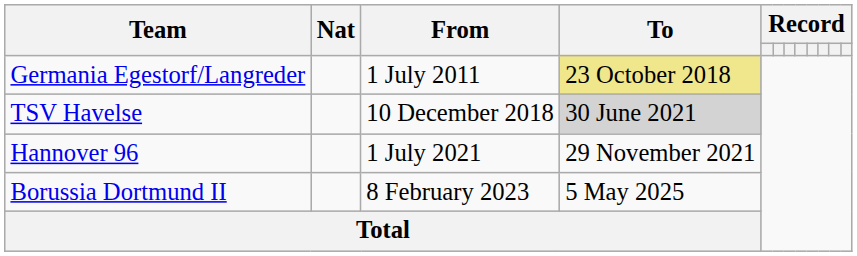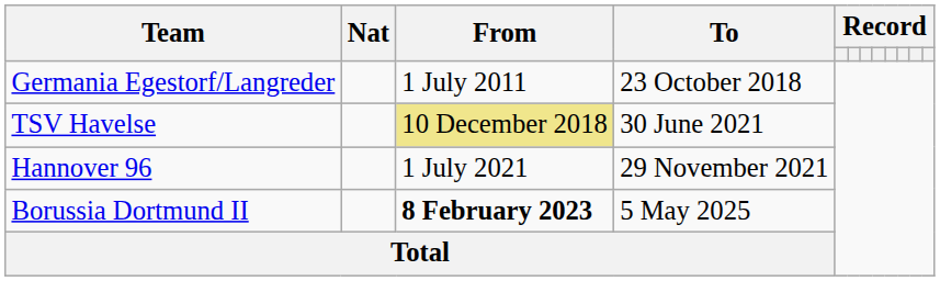 <table class=wikitable style="text-align: center">
 <tr>
 <th rowspan="2">Team</th>
 <th rowspan="2">Nat</th>
 <th rowspan="2">From</th>
 <th rowspan="2">To</th>
 <th colspan="8">Record</th>
 </tr>
 <tr>
 <th></th>
 <th></th>
 <th></th>
 <th></th>
 <th></th>
 <th></th>
 <th></th>
 <th></th>
 </tr>
 <tr>
 <td align=left><a href='#'>Germania Egestorf/Langreder</a></td>
 <td></td>
 <td align=left>1 July 2011</td>
-<td align=left style="background: khaki;">23 October 2018<br></td>
+<td align=left>23 October 2018<br></td>
 </tr>
 <tr>
 <td align=left><a href='#'>TSV Havelse</a></td>
 <td></td>
-<td align=left>10 December 2018</td>
-<td align=left style="background: lightgrey;">30 June 2021<br></td>
+<td align=left style="background: khaki;">10 December 2018</td>
+<td align=left>30 June 2021<br></td>
 </tr>
 <tr>
 <td align=left><a href='#'>Hannover 96</a></td>
 <td></td>
 <td align=left>1 July 2021</td>
 <td align=left>29 November 2021<br></td>
 </tr>
 <tr>
 <td align=left><a href='#'>Borussia Dortmund II</a></td>
 <td></td>
-<td align=left>8 February 2023</td>
+<td align=left><strong>8 February 2023</strong></td>
 <td align=left>5 May 2025<br></td>
 </tr>
 <tr>
 <th colspan=4>Total<br></th>
 </tr>
 </table>
